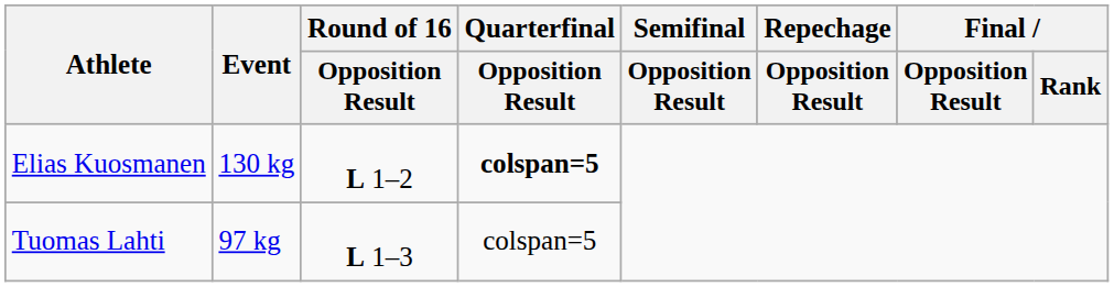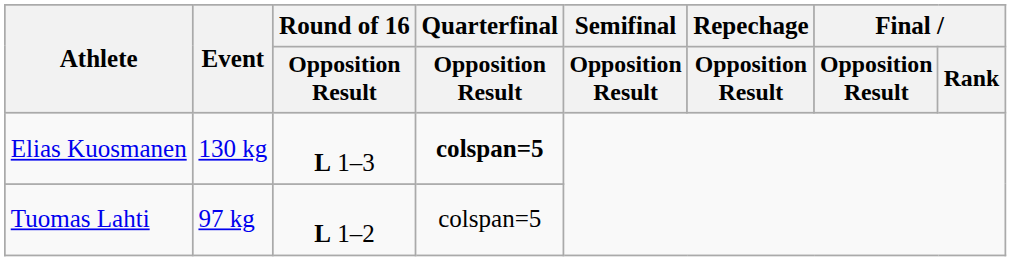 <table class="wikitable" style="font-size:90%">
 <tr>
 <th rowspan=2>Athlete</th>
 <th rowspan=2>Event</th>
 <th>Round of 16</th>
 <th>Quarterfinal</th>
 <th>Semifinal</th>
 <th>Repechage</th>
 <th colspan=2>Final / </th>
 </tr>
 <tr style="font-size: 95%">
 <th>Opposition<br>Result</th>
 <th>Opposition<br>Result</th>
 <th>Opposition<br>Result</th>
 <th>Opposition<br>Result</th>
 <th>Opposition<br>Result</th>
 <th>Rank</th>
 </tr>
 <tr align=center>
 <td align=left><a href='#'>Elias Kuosmanen</a></td>
 <td align=left><a href='#'>130 kg</a></td>
-<td><br><strong>L</strong> 1–2</td>
+<td><br><strong>L</strong> 1–3</td>
 <td><strong>colspan=5 </strong></td>
 </tr>
 <tr align=center>
 <td align=left><a href='#'>Tuomas Lahti</a></td>
 <td align=left><a href='#'>97 kg</a></td>
-<td><br><strong>L</strong> 1–3</td>
+<td><br><strong>L</strong> 1–2</td>
 <td>colspan=5 </td>
 </tr>
 </table>
